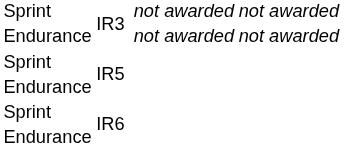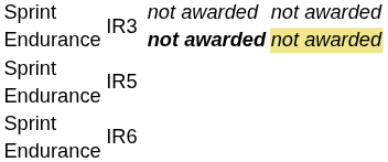 <table>
 <tr>
 <td>Sprint</td>
 <td rowspan=2>IR3</td>
 <td></td>
 <td><em>not awarded</em></td>
 <td><em>not awarded</em></td>
 </tr>
 <tr>
 <td>Endurance</td>
 <td></td>
-<td><em>not awarded</em></td>
-<td><em>not awarded</em></td>
+<td><strong><em>not awarded</em></strong></td>
+<td style="background: khaki;"><em>not awarded</em></td>
 </tr>
 <tr>
 <td>Sprint</td>
 <td rowspan=2>IR5</td>
 <td></td>
 <td></td>
 <td></td>
 </tr>
 <tr>
 <td>Endurance</td>
 <td></td>
 <td></td>
 <td></td>
 </tr>
 <tr>
 <td>Sprint</td>
 <td rowspan=3>IR6</td>
 <td></td>
 <td></td>
 <td></td>
 </tr>
 <tr>
 <td rowspan=2>Endurance</td>
 <td rowspan=2></td>
 <td rowspan=2></td>
 <td></td>
 </tr>
 <tr>
 <td></td>
 </tr>
 </table>
